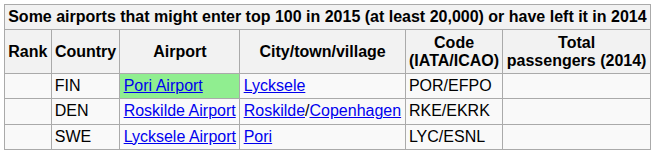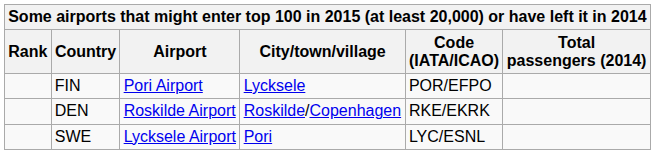 <table class="wikitable sortable">
 <tr>
 <th colspan=99>Some airports that might enter top 100 in 2015 (at least 20,000) or have left it in 2014</th>
 </tr>
 <tr>
 <th>Rank</th>
 <th>Country</th>
 <th>Airport</th>
 <th>City/town/village</th>
 <th>Code<br>(IATA/ICAO)</th>
 <th>Total<br>passengers (2014)</th>
 </tr>
 <tr>
 <td></td>
 <td>FIN</td>
-<td style="background: lightgreen;"><a href='#'>Pori Airport</a></td>
+<td><a href='#'>Pori Airport</a></td>
 <td><a href='#'>Lycksele</a></td>
 <td>POR/EFPO</td>
 <td></td>
 </tr>
 <tr>
 <td></td>
 <td>DEN</td>
 <td><a href='#'>Roskilde Airport</a></td>
 <td><a href='#'>Roskilde</a>/<a href='#'>Copenhagen</a></td>
 <td>RKE/EKRK</td>
 <td></td>
 </tr>
 <tr>
 <td></td>
 <td>SWE</td>
 <td><a href='#'>Lycksele Airport</a></td>
 <td><a href='#'>Pori</a></td>
 <td>LYC/ESNL</td>
 <td></td>
 </tr>
 <tr>
 </tr>
 </table>
